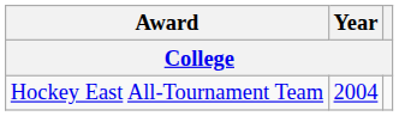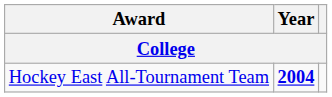 <table class="wikitable">
 <tr>
 <th>Award</th>
 <th>Year</th>
 <th></th>
 </tr>
 <tr>
 <th colspan="3"><a href='#'>College</a></th>
 </tr>
 <tr>
 <td><a href='#'>Hockey East</a> <a href='#'>All-Tournament Team</a></td>
-<td><a href='#'>2004</a></td>
+<td><strong><a href='#'>2004</a></strong></td>
 <td></td>
 </tr>
 </table>
